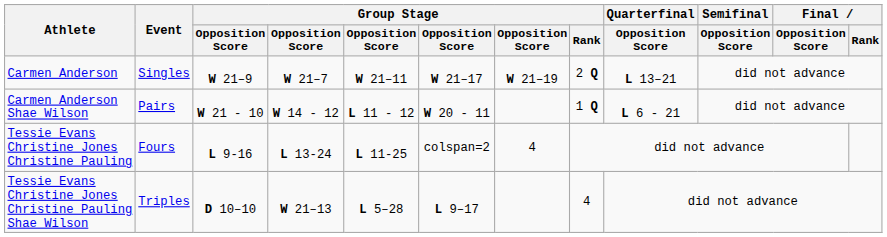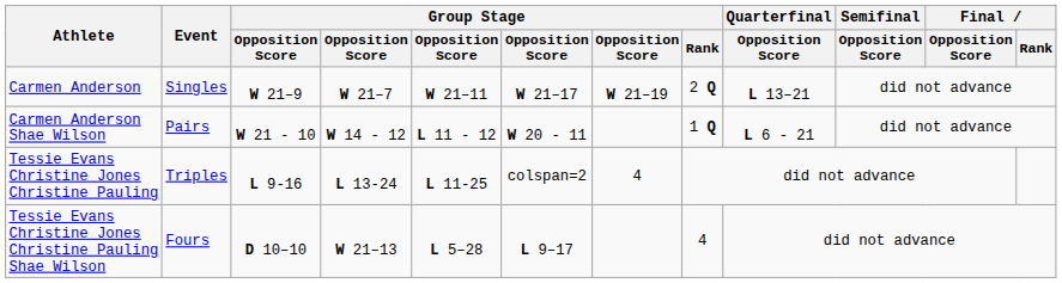 <table class="wikitable" style="font-size:88%">
 <tr>
 <th rowspan=2>Athlete</th>
 <th rowspan=2>Event</th>
 <th colspan=6>Group Stage</th>
 <th>Quarterfinal</th>
 <th>Semifinal</th>
 <th colspan=2>Final / </th>
 </tr>
 <tr style="font-size:95%">
 <th>Opposition<br>Score</th>
 <th>Opposition<br>Score</th>
 <th>Opposition<br>Score</th>
 <th>Opposition<br>Score</th>
 <th>Opposition<br>Score</th>
 <th>Rank</th>
 <th>Opposition<br>Score</th>
 <th>Opposition<br>Score</th>
 <th>Opposition<br>Score</th>
 <th>Rank</th>
 </tr>
 <tr align=center>
 <td align=left><a href='#'>Carmen Anderson</a></td>
 <td align=left><a href='#'>Singles</a></td>
 <td><br><strong>W</strong> 21–9</td>
 <td><br><strong>W</strong> 21–7</td>
 <td><br><strong>W</strong> 21–11</td>
 <td><br><strong>W</strong> 21–17</td>
 <td><br><strong>W</strong> 21–19</td>
 <td>2 <strong>Q</strong></td>
 <td><br><strong>L</strong> 13–21</td>
 <td colspan=3>did not advance</td>
 </tr>
 <tr align=center>
 <td align=left><a href='#'>Carmen Anderson</a><br><a href='#'>Shae Wilson</a></td>
 <td align=left><a href='#'>Pairs</a></td>
 <td><br><strong>W</strong> 21 - 10</td>
 <td><br><strong>W</strong> 14 - 12</td>
 <td><br><strong>L</strong> 11 - 12</td>
 <td><br><strong>W</strong> 20 - 11</td>
 <td></td>
 <td>1 <strong>Q</strong></td>
 <td><br><strong>L</strong> 6 - 21</td>
 <td colspan=3>did not advance</td>
 </tr>
 <tr align=center>
 <td align=left><a href='#'>Tessie Evans</a><br><a href='#'>Christine Jones</a><br><a href='#'>Christine Pauling</a></td>
-<td align=left><a href='#'>Fours</a></td>
+<td align=left><a href='#'>Triples</a></td>
 <td><br><strong>L</strong> 9-16</td>
 <td><br><strong>L</strong> 13-24</td>
 <td><br><strong>L</strong> 11-25</td>
 <td>colspan=2 </td>
 <td>4</td>
 <td colspan=4>did not advance</td>
 </tr>
 <tr align=center>
 <td align=left><a href='#'>Tessie Evans</a><br><a href='#'>Christine Jones</a><br><a href='#'>Christine Pauling</a><br><a href='#'>Shae Wilson</a></td>
-<td align=left><a href='#'>Triples</a></td>
+<td align=left><a href='#'>Fours</a></td>
 <td><br><strong>D</strong> 10–10</td>
 <td><br><strong>W</strong> 21–13</td>
 <td><br><strong>L</strong> 5–28</td>
 <td><br><strong>L</strong> 9–17</td>
 <td></td>
 <td>4</td>
 <td colspan=4>did not advance</td>
 </tr>
 </table>
